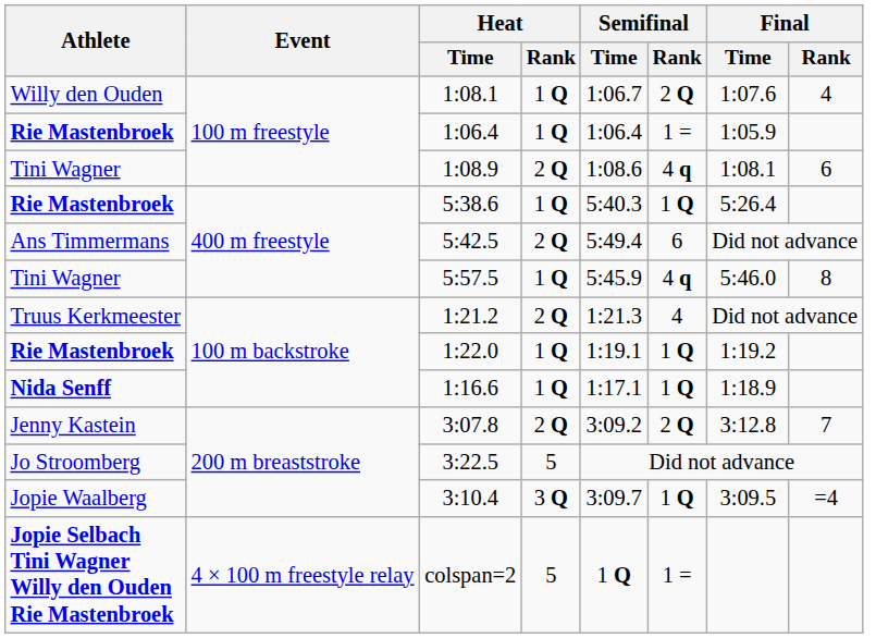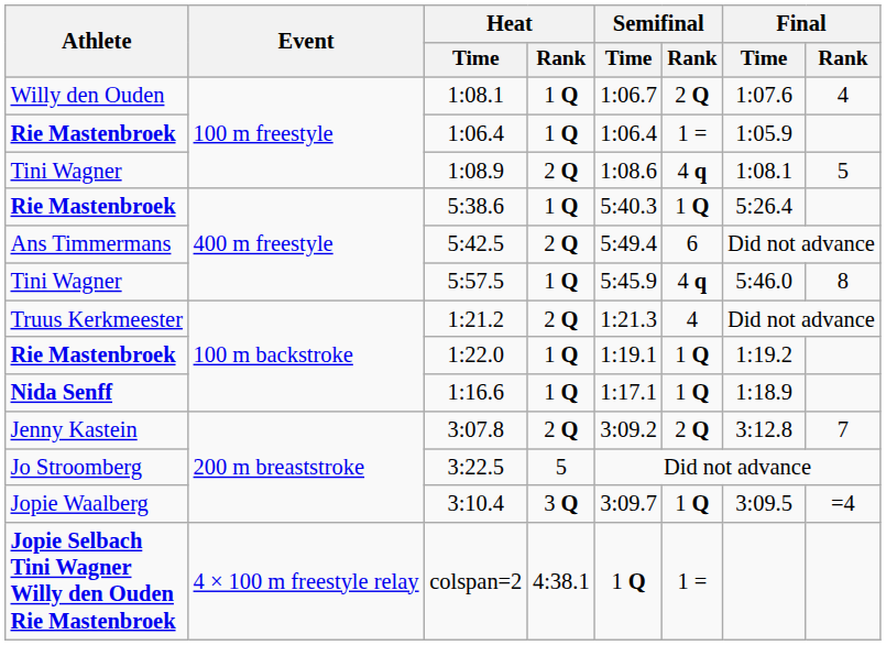 <table class=wikitable style="font-size:90%;">
 <tr>
 <th rowspan=2>Athlete</th>
 <th rowspan=2>Event</th>
 <th colspan=2>Heat</th>
 <th colspan=2>Semifinal</th>
 <th colspan=2>Final</th>
 </tr>
 <tr style="font-size:95%">
 <th>Time</th>
 <th>Rank</th>
 <th>Time</th>
 <th>Rank</th>
 <th>Time</th>
 <th>Rank</th>
 </tr>
 <tr align=center>
 <td align=left><a href='#'>Willy den Ouden</a></td>
 <td rowspan=3 align=left><a href='#'>100 m freestyle</a></td>
 <td>1:08.1</td>
 <td>1 <strong>Q</strong></td>
 <td>1:06.7</td>
 <td>2 <strong>Q</strong></td>
 <td>1:07.6</td>
 <td>4</td>
 </tr>
 <tr align=center>
 <td align=left><strong><a href='#'>Rie Mastenbroek</a></strong></td>
 <td>1:06.4 </td>
 <td>1 <strong>Q</strong></td>
 <td>1:06.4</td>
 <td>1 =</td>
 <td>1:05.9 </td>
 <td></td>
 </tr>
 <tr align=center>
 <td align=left><a href='#'>Tini Wagner</a></td>
 <td>1:08.9</td>
 <td>2 <strong>Q</strong></td>
 <td>1:08.6</td>
 <td>4 <strong>q</strong></td>
 <td>1:08.1</td>
-<td>6</td>
+<td>5</td>
 </tr>
 <tr align=center>
 <td align=left><strong><a href='#'>Rie Mastenbroek</a></strong></td>
 <td rowspan=3 align=left><a href='#'>400 m freestyle</a></td>
 <td>5:38.6</td>
 <td>1 <strong>Q</strong></td>
 <td>5:40.3</td>
 <td>1 <strong>Q</strong></td>
 <td>5:26.4 </td>
 <td></td>
 </tr>
 <tr align=center>
 <td align=left><a href='#'>Ans Timmermans</a></td>
 <td>5:42.5</td>
 <td>2 <strong>Q</strong></td>
 <td>5:49.4</td>
 <td>6</td>
 <td colspan=2>Did not advance</td>
 </tr>
 <tr align=center>
 <td align=left><a href='#'>Tini Wagner</a></td>
 <td>5:57.5</td>
 <td>1 <strong>Q</strong></td>
 <td>5:45.9</td>
 <td>4 <strong>q</strong></td>
 <td>5:46.0</td>
 <td>8</td>
 </tr>
 <tr align=center>
 <td align=left><a href='#'>Truus Kerkmeester</a></td>
 <td rowspan=3 align=left><a href='#'>100 m backstroke</a></td>
 <td>1:21.2</td>
 <td>2 <strong>Q</strong></td>
 <td>1:21.3</td>
 <td>4</td>
 <td colspan=2>Did not advance</td>
 </tr>
 <tr align=center>
 <td align=left><strong><a href='#'>Rie Mastenbroek</a></strong></td>
 <td>1:22.0</td>
 <td>1 <strong>Q</strong></td>
 <td>1:19.1</td>
 <td>1 <strong>Q</strong></td>
 <td>1:19.2</td>
 <td></td>
 </tr>
 <tr align=center>
 <td align=left><strong><a href='#'>Nida Senff</a></strong></td>
 <td>1:16.6 </td>
 <td>1 <strong>Q</strong></td>
 <td>1:17.1</td>
 <td>1 <strong>Q</strong></td>
 <td>1:18.9</td>
 <td></td>
 </tr>
 <tr align=center>
 <td align=left><a href='#'>Jenny Kastein</a></td>
 <td rowspan=3 align=left><a href='#'>200 m breaststroke</a></td>
 <td>3:07.8</td>
 <td>2 <strong>Q</strong></td>
 <td>3:09.2</td>
 <td>2 <strong>Q</strong></td>
 <td>3:12.8</td>
 <td>7</td>
 </tr>
 <tr align=center>
 <td align=left><a href='#'>Jo Stroomberg</a></td>
 <td>3:22.5</td>
 <td>5</td>
 <td colspan=4>Did not advance</td>
 </tr>
 <tr align=center>
 <td align=left><a href='#'>Jopie Waalberg</a></td>
 <td>3:10.4</td>
 <td>3 <strong>Q</strong></td>
 <td>3:09.7</td>
 <td>1 <strong>Q</strong></td>
 <td>3:09.5</td>
 <td>=4</td>
 </tr>
 <tr align=center>
 <td align=left><strong><a href='#'>Jopie Selbach</a><br><a href='#'>Tini Wagner</a><br><a href='#'>Willy den Ouden</a><br><a href='#'>Rie Mastenbroek</a></strong></td>
 <td align=left><a href='#'>4 × 100 m freestyle relay</a></td>
 <td>colspan=2 </td>
-<td>5</td>
+<td>4:38.1</td>
 <td>1 <strong>Q</strong></td>
 <td>1 =</td>
 <td></td>
 </tr>
 </table>
